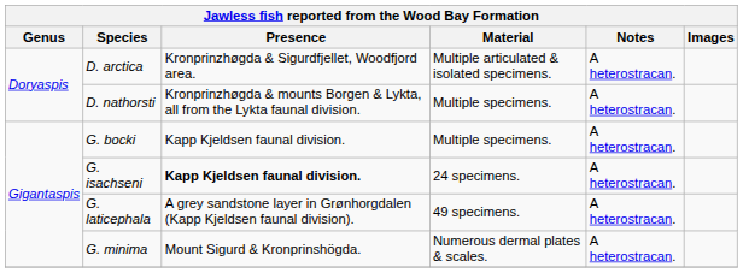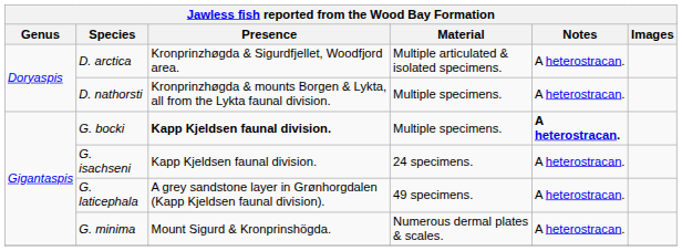 <table class="wikitable" align="center">
 <tr>
 <th colspan="6" align="center"><strong><a href='#'>Jawless fish</a> reported from the Wood Bay Formation</strong></th>
 </tr>
 <tr>
 <th>Genus</th>
 <th>Species</th>
 <th>Presence</th>
 <th><strong>Material</strong></th>
 <th>Notes</th>
 <th>Images</th>
 </tr>
 <tr>
 <td rowspan="2"><em><a href='#'>Doryaspis</a></em></td>
 <td><em>D. arctica</em></td>
 <td>Kronprinzhøgda & Sigurdfjellet, Woodfjord area.</td>
 <td>Multiple articulated & isolated specimens.</td>
 <td>A <a href='#'>heterostracan</a>.</td>
 <td></td>
 </tr>
 <tr>
 <td><em>D. nathorsti</em></td>
 <td>Kronprinzhøgda & mounts Borgen & Lykta, all from the Lykta faunal division.</td>
 <td>Multiple specimens.</td>
 <td>A <a href='#'>heterostracan</a>.</td>
 <td></td>
 </tr>
 <tr>
 <td rowspan="4"><em><a href='#'>Gigantaspis</a></em></td>
 <td><em>G. bocki</em></td>
-<td>Kapp Kjeldsen faunal division.</td>
+<td><strong>Kapp Kjeldsen faunal division.</strong></td>
 <td>Multiple specimens.</td>
-<td>A <a href='#'>heterostracan</a>.</td>
+<td><strong>A <a href='#'>heterostracan</a>.</strong></td>
 <td></td>
 </tr>
 <tr>
 <td><em>G. isachseni</em></td>
-<td><strong>Kapp Kjeldsen faunal division.</strong></td>
+<td>Kapp Kjeldsen faunal division.</td>
 <td>24 specimens.</td>
 <td>A <a href='#'>heterostracan</a>.</td>
 <td></td>
 </tr>
 <tr>
 <td><em>G. laticephala</em></td>
 <td>A grey sandstone layer in Grønhorgdalen (Kapp Kjeldsen faunal division).</td>
 <td>49 specimens.</td>
 <td>A <a href='#'>heterostracan</a>.</td>
 <td></td>
 </tr>
 <tr>
 <td><em>G. minima</em></td>
 <td>Mount Sigurd & Kronprinshögda.</td>
 <td>Numerous dermal plates & scales.</td>
 <td>A <a href='#'>heterostracan</a>.</td>
 <td></td>
 </tr>
 <tr>
 </tr>
 </table>
